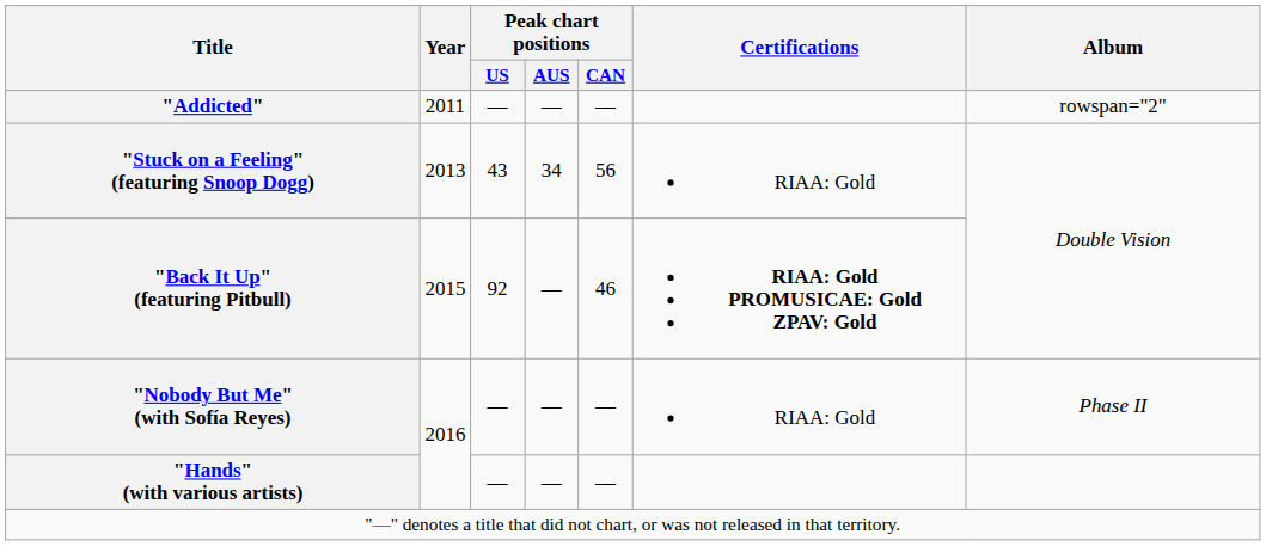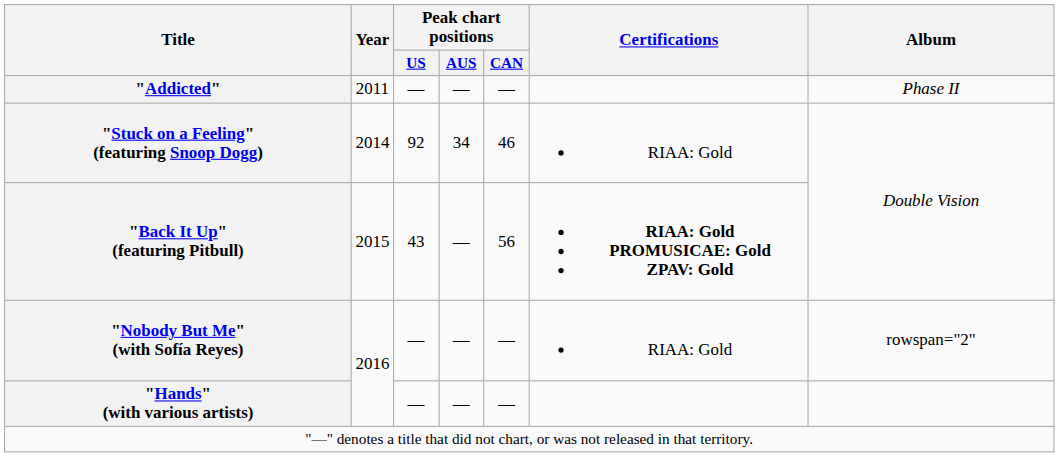 <table class="wikitable plainrowheaders" style="text-align:center;">
 <tr>
 <th scope="col" rowspan="2" style="width:20em;">Title</th>
 <th scope="col" rowspan="2" style="width:2em;">Year</th>
 <th scope="col" colspan="3">Peak chart positions</th>
 <th scope="col" rowspan="2" style="width:16em;"><a href='#'>Certifications</a></th>
 <th scope="col" rowspan="2" style="width:14em;">Album</th>
 </tr>
 <tr>
 <th scope="col" style="width:2.5em;font-size:90%;"><a href='#'>US</a><br></th>
 <th scope="col" style="width:2.5em;font-size:90%;"><a href='#'>AUS</a><br></th>
 <th scope="col" style="width:2.5em;font-size:90%;"><a href='#'>CAN</a><br></th>
 </tr>
 <tr>
 <th scope="row">"<a href='#'>Addicted</a>"</th>
 <td>2011</td>
 <td>—</td>
 <td>—</td>
 <td>—</td>
 <td></td>
-<td>rowspan="2" </td>
+<td><em>Phase II</em></td>
 </tr>
 <tr>
 <th scope="row">"<a href='#'>Stuck on a Feeling</a>" <span><br>(featuring <a href='#'>Snoop Dogg</a>)</span></th>
-<td>2013</td>
-<td>43</td>
+<td>2014</td>
+<td>92</td>
 <td>34</td>
-<td>56</td>
+<td>46</td>
 <td><br><ul><li>RIAA: Gold</li></ul></td>
 <td rowspan="2"><em>Double Vision</em></td>
 </tr>
 <tr>
 <th scope="row">"<a href='#'>Back It Up</a>" <span><br>(featuring Pitbull)</span></th>
 <td>2015</td>
-<td>92</td>
+<td>43</td>
 <td>—</td>
-<td>46</td>
+<td>56</td>
 <td><strong><br><ul><li>RIAA: Gold</li><li>PROMUSICAE: Gold</li><li>ZPAV: Gold</li></ul></strong></td>
 </tr>
 <tr>
 <th scope="row">"<a href='#'>Nobody But Me</a>" <span><br>(with Sofía Reyes)</span></th>
 <td rowspan="2">2016</td>
 <td>—</td>
 <td>—</td>
 <td>—</td>
 <td><br><ul><li>RIAA: Gold</li></ul></td>
-<td><em>Phase II</em></td>
+<td>rowspan="2" </td>
 </tr>
 <tr>
 <th scope="row">"<a href='#'>Hands</a>" <span><br>(with various artists)</span></th>
 <td>—</td>
 <td>—</td>
 <td>—</td>
 <td></td>
 </tr>
 <tr>
 <td colspan="15" style="font-size:90%">"—" denotes a title that did not chart, or was not released in that territory.</td>
 </tr>
 </table>
